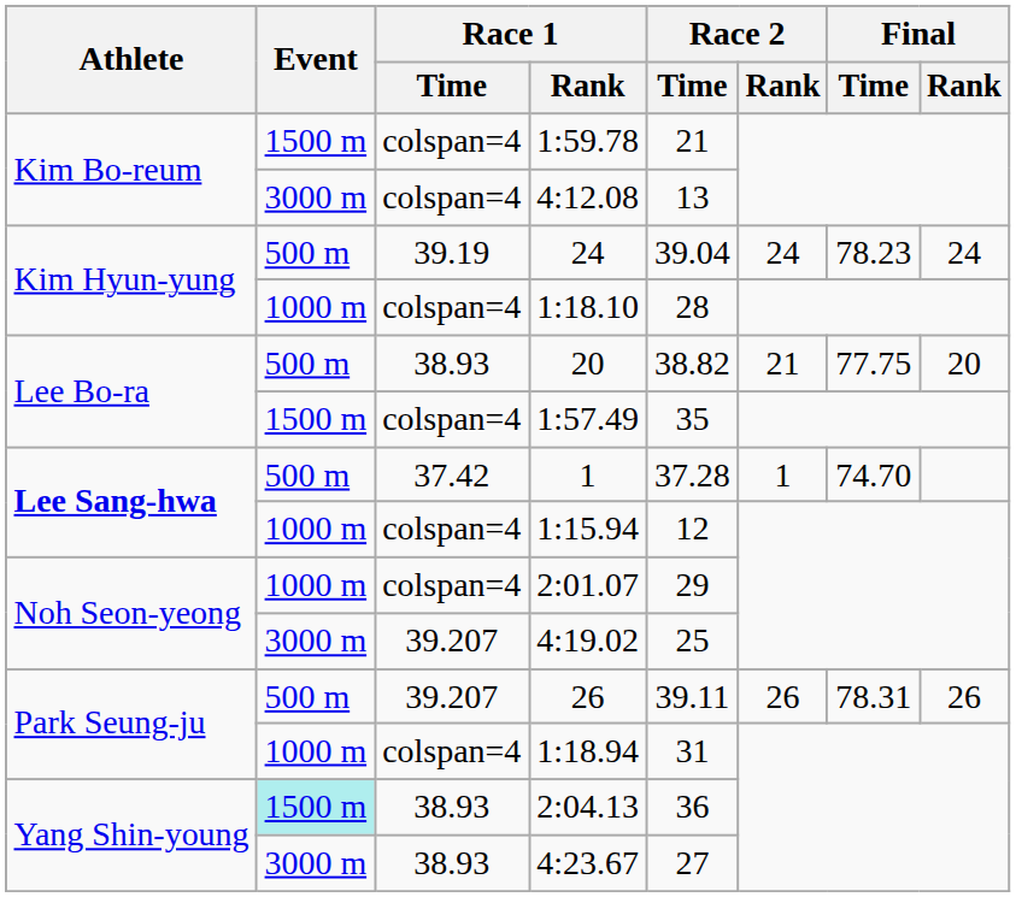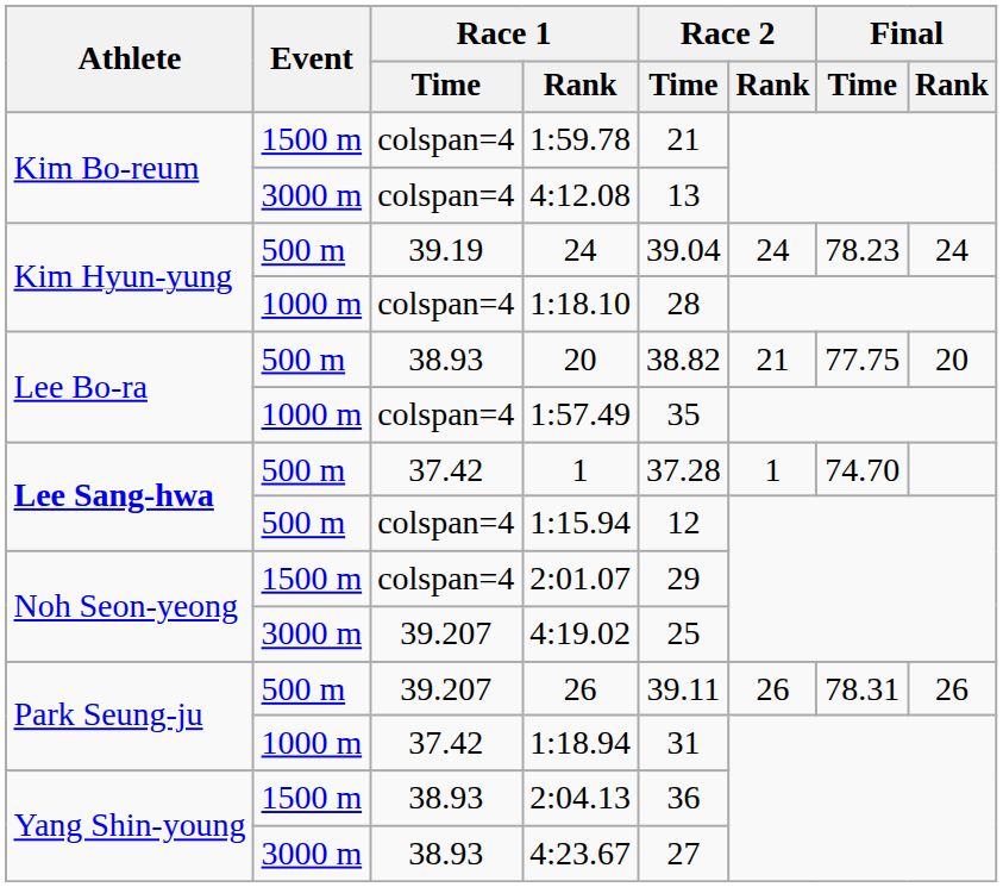 <table class="wikitable" style="font-size:90%">
 <tr>
 <th rowspan=2>Athlete</th>
 <th rowspan=2>Event</th>
 <th colspan=2>Race 1</th>
 <th colspan=2>Race 2</th>
 <th colspan=2>Final</th>
 </tr>
 <tr style="font-size:95%">
 <th>Time</th>
 <th>Rank</th>
 <th>Time</th>
 <th>Rank</th>
 <th>Time</th>
 <th>Rank</th>
 </tr>
 <tr align=center>
 <td align=left rowspan=2><a href='#'>Kim Bo-reum</a></td>
 <td align=left><a href='#'>1500 m</a></td>
 <td>colspan=4 </td>
 <td>1:59.78</td>
 <td>21</td>
 </tr>
 <tr align=center>
 <td align=left><a href='#'>3000 m</a></td>
 <td>colspan=4 </td>
 <td>4:12.08</td>
 <td>13</td>
 </tr>
 <tr align=center>
 <td align=left rowspan=2><a href='#'>Kim Hyun-yung</a></td>
 <td align=left><a href='#'>500 m</a></td>
 <td>39.19</td>
 <td>24</td>
 <td>39.04</td>
 <td>24</td>
 <td>78.23</td>
 <td>24</td>
 </tr>
 <tr align=center>
 <td align=left><a href='#'>1000 m</a></td>
 <td>colspan=4 </td>
 <td>1:18.10</td>
 <td>28</td>
 </tr>
 <tr align=center>
 <td align=left rowspan=2><a href='#'>Lee Bo-ra</a></td>
 <td align=left><a href='#'>500 m</a></td>
 <td>38.93</td>
 <td>20</td>
 <td>38.82</td>
 <td>21</td>
 <td>77.75</td>
 <td>20</td>
 </tr>
 <tr align=center>
-<td align=left><a href='#'>1500 m</a></td>
+<td align=left><a href='#'>1000 m</a></td>
 <td>colspan=4 </td>
 <td>1:57.49</td>
 <td>35</td>
 </tr>
 <tr align=center>
 <td align=left rowspan=2><strong><a href='#'>Lee Sang-hwa</a></strong></td>
 <td align=left><a href='#'>500 m</a></td>
 <td>37.42</td>
 <td>1</td>
 <td>37.28</td>
 <td>1</td>
 <td>74.70 </td>
 <td></td>
 </tr>
 <tr align=center>
-<td align=left><a href='#'>1000 m</a></td>
+<td align=left><a href='#'>500 m</a></td>
 <td>colspan=4 </td>
 <td>1:15.94</td>
 <td>12</td>
 </tr>
 <tr align=center>
 <td align=left rowspan=2><a href='#'>Noh Seon-yeong</a></td>
-<td align=left><a href='#'>1000 m</a></td>
+<td align=left><a href='#'>1500 m</a></td>
 <td>colspan=4 </td>
 <td>2:01.07</td>
 <td>29</td>
 </tr>
 <tr align=center>
 <td align=left><a href='#'>3000 m</a></td>
 <td>39.207</td>
 <td>4:19.02</td>
 <td>25</td>
 </tr>
 <tr align=center>
 <td align=left rowspan=2><a href='#'>Park Seung-ju</a></td>
 <td align=left><a href='#'>500 m</a></td>
 <td>39.207</td>
 <td>26</td>
 <td>39.11</td>
 <td>26</td>
 <td>78.31</td>
 <td>26</td>
 </tr>
 <tr align=center>
 <td align=left><a href='#'>1000 m</a></td>
-<td>colspan=4 </td>
+<td>37.42</td>
 <td>1:18.94</td>
 <td>31</td>
 </tr>
 <tr align=center>
 <td align=left rowspan=2><a href='#'>Yang Shin-young</a></td>
-<td align=left style="background: paleturquoise;"><a href='#'>1500 m</a></td>
+<td align=left><a href='#'>1500 m</a></td>
 <td>38.93</td>
 <td>2:04.13</td>
 <td>36</td>
 </tr>
 <tr align=center>
 <td align=left><a href='#'>3000 m</a></td>
 <td>38.93</td>
 <td>4:23.67</td>
 <td>27</td>
 </tr>
 </table>
